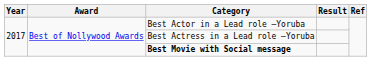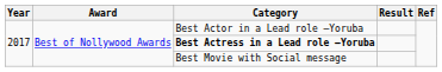 <table class="wikitable plainrowheaders sortable">
 <tr>
 <th>Year</th>
 <th>Award</th>
 <th>Category</th>
 <th>Result</th>
 <th>Ref</th>
 </tr>
 <tr>
 <td rowspan="3">2017</td>
 <td rowspan="3"><a href='#'>Best of Nollywood Awards</a></td>
 <td>Best Actor in a Lead role –Yoruba</td>
 <td></td>
 <td rowspan="3"></td>
 </tr>
 <tr>
-<td>Best Actress in a Lead role –Yoruba</td>
+<td><strong>Best Actress in a Lead role –Yoruba</strong></td>
 <td></td>
 </tr>
 <tr>
-<td><strong>Best Movie with Social message</strong></td>
+<td>Best Movie with Social message</td>
 <td></td>
 </tr>
 </table>
